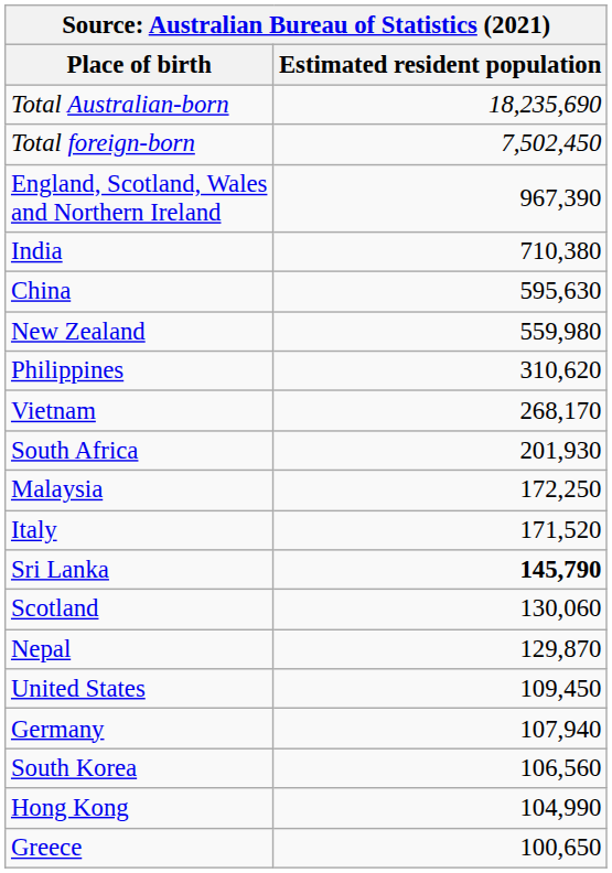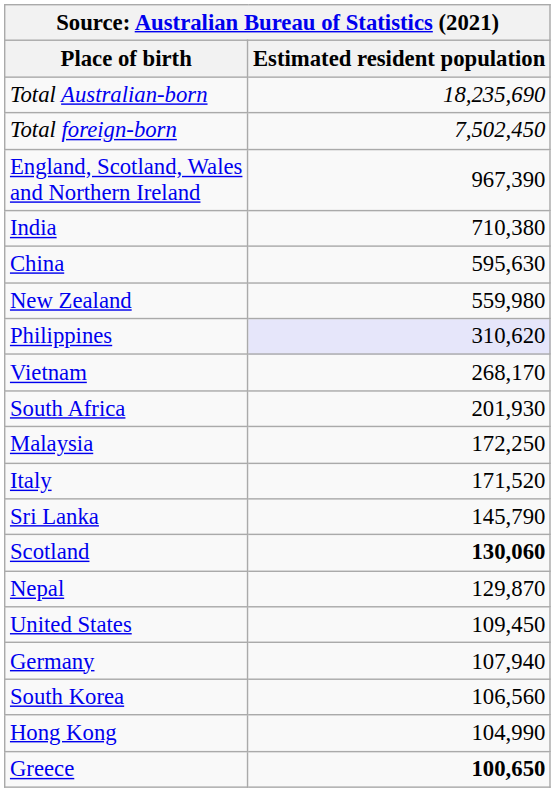 <table class="wikitable plainrowheaders" style="text-align:right">
 <tr>
 <th scope="col" colspan="2">Source: <a href='#'>Australian Bureau of Statistics</a> (2021)</th>
 </tr>
 <tr>
 <th scope="col">Place of birth</th>
 <th scope="col">Estimated resident population</th>
 </tr>
 <tr>
 <td scope="row" style="text-align:left;"><em>Total <a href='#'>Australian-born</a></em></td>
 <td><em>18,235,690</em></td>
 </tr>
 <tr>
 <td scope="row" style="text-align:left;"><em>Total <a href='#'>foreign-born</a></em></td>
 <td><em>7,502,450</em></td>
 </tr>
 <tr>
 <td scope="row" style="text-align:left;"> <a href='#'>England, Scotland, Wales<br>and Northern Ireland</a></td>
 <td>967,390</td>
 </tr>
 <tr>
 <td scope="row" style="text-align:left;"> <a href='#'>India</a></td>
 <td>710,380</td>
 </tr>
 <tr>
 <td scope="row" style="text-align:left;"> <a href='#'>China</a></td>
 <td>595,630</td>
 </tr>
 <tr>
 <td scope="row" style="text-align:left;"> <a href='#'>New Zealand</a></td>
 <td>559,980</td>
 </tr>
 <tr>
 <td scope="row" style="text-align:left;"> <a href='#'>Philippines</a></td>
-<td>310,620</td>
+<td style="background: lavender;">310,620</td>
 </tr>
 <tr>
 <td scope="row" style="text-align:left;"> <a href='#'>Vietnam</a></td>
 <td>268,170</td>
 </tr>
 <tr>
 <td scope="row" style="text-align:left;"> <a href='#'>South Africa</a></td>
 <td>201,930</td>
 </tr>
 <tr>
 <td scope="row" style="text-align:left;"> <a href='#'>Malaysia</a></td>
 <td>172,250</td>
 </tr>
 <tr>
 <td scope="row" style="text-align:left;"> <a href='#'>Italy</a></td>
 <td>171,520</td>
 </tr>
 <tr>
 <td scope="row" style="text-align:left;"> <a href='#'>Sri Lanka</a></td>
-<td><strong>145,790</strong></td>
+<td>145,790</td>
 </tr>
 <tr>
 <td scope="row" style="text-align:left;"> <a href='#'>Scotland</a></td>
-<td>130,060</td>
+<td><strong>130,060</strong></td>
 </tr>
 <tr>
 <td scope="row" style="text-align:left;"> <a href='#'>Nepal</a></td>
 <td>129,870</td>
 </tr>
 <tr>
 <td scope="row" style="text-align:left;"> <a href='#'>United States</a></td>
 <td>109,450</td>
 </tr>
 <tr>
 <td scope="row" style="text-align:left;"> <a href='#'>Germany</a></td>
 <td>107,940</td>
 </tr>
 <tr>
 <td scope="row" style="text-align:left;"> <a href='#'>South Korea</a></td>
 <td>106,560</td>
 </tr>
 <tr>
 <td scope="row" style="text-align:left;"> <a href='#'>Hong Kong</a></td>
 <td>104,990</td>
 </tr>
 <tr>
 <td scope="row" style="text-align:left;"> <a href='#'>Greece</a></td>
-<td>100,650</td>
+<td><strong>100,650</strong></td>
 </tr>
 </table>
